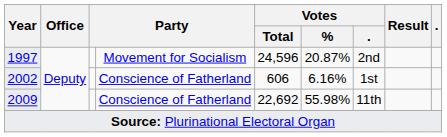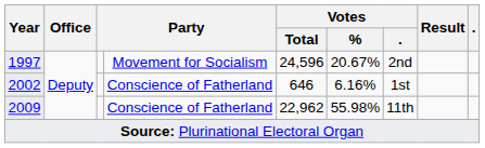 <table class="wikitable" style="font-size: 90%; text-align:center;">
 <tr>
 <th rowspan=2>Year</th>
 <th rowspan=2>Office</th>
 <th colspan=2 rowspan=2>Party</th>
 <th colspan=3>Votes</th>
 <th rowspan=2>Result</th>
 <th rowspan=2>.</th>
 </tr>
 <tr>
 <th>Total</th>
 <th>%</th>
 <th>.</th>
 </tr>
 <tr>
 <td style="background-color:#EAECF0;"><a href='#'>1997</a></td>
 <td rowspan=3><a href='#'>Deputy</a></td>
 <td style="background-color:"></td>
 <td><a href='#'>Movement for Socialism</a></td>
 <td>24,596</td>
-<td>20.87%</td>
+<td>20.67%</td>
 <td>2nd</td>
 <td></td>
 <td></td>
 </tr>
 <tr>
 <td style="background-color:#EAECF0;"><a href='#'>2002</a></td>
 <td style="background-color:"></td>
 <td><a href='#'>Conscience of Fatherland</a></td>
-<td>606</td>
+<td>646</td>
 <td>6.16%</td>
 <td>1st</td>
 <td></td>
 <td></td>
 </tr>
 <tr>
 <td style="background-color:#EAECF0;"><a href='#'>2009</a></td>
 <td style="background-color:"></td>
 <td><a href='#'>Conscience of Fatherland</a></td>
-<td>22,692</td>
+<td>22,962</td>
 <td>55.98%</td>
 <td>11th</td>
 <td></td>
 <td></td>
 </tr>
 <tr>
 <td style="background-color:#EAECF0;" colspan=9><strong>Source:</strong> <a href='#'>Plurinational Electoral Organ</a>  </td>
 </tr>
 </table>
